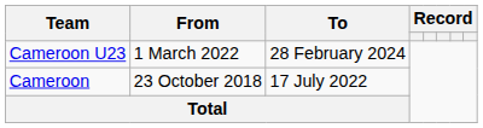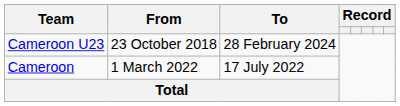 <table class=wikitable style="text-align: center">
 <tr>
 <th rowspan=2>Team</th>
 <th rowspan=2>From</th>
 <th rowspan=2>To</th>
 <th colspan=5>Record</th>
 </tr>
 <tr>
 <th></th>
 <th></th>
 <th></th>
 <th></th>
 <th></th>
 </tr>
 <tr>
 <td align=left><a href='#'>Cameroon U23</a></td>
-<td align=left>1 March 2022</td>
+<td align=left>23 October 2018</td>
 <td align=left>28 February 2024<br></td>
 </tr>
 <tr>
 <td align=left><a href='#'>Cameroon</a></td>
-<td align=left>23 October 2018</td>
+<td align=left>1 March 2022</td>
 <td align=left>17 July 2022<br></td>
 </tr>
 <tr>
 <th colspan=3>Total<br></th>
 </tr>
 </table>
